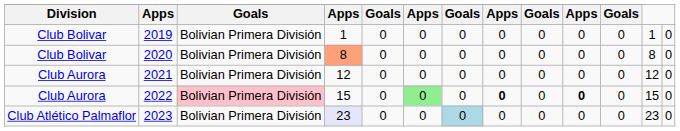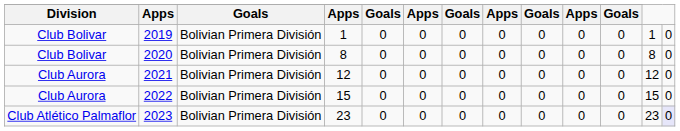 <table class="wikitable" style="text-align:center">
 <tr>
 </tr>
 <tr>
 <th>Division</th>
 <th>Apps</th>
 <th>Goals</th>
 <th>Apps</th>
 <th>Goals</th>
 <th>Apps</th>
 <th>Goals</th>
 <th>Apps</th>
 <th>Goals</th>
 <th>Apps</th>
 <th>Goals</th>
 </tr>
 <tr>
 <td><a href='#'>Club Bolivar</a></td>
 <td><a href='#'>2019</a></td>
 <td>Bolivian Primera División</td>
 <td>1</td>
 <td>0</td>
 <td>0</td>
 <td>0</td>
 <td>0</td>
 <td>0</td>
 <td>0</td>
 <td>0</td>
 <td>1</td>
 <td>0</td>
 </tr>
 <tr>
 <td><a href='#'>Club Bolivar</a></td>
 <td><a href='#'>2020</a></td>
 <td>Bolivian Primera División</td>
-<td style="background: lightsalmon;">8</td>
+<td>8</td>
 <td>0</td>
 <td>0</td>
 <td>0</td>
 <td>0</td>
 <td>0</td>
 <td>0</td>
 <td>0</td>
 <td>8</td>
 <td>0</td>
 </tr>
 <tr>
 <td><a href='#'>Club Aurora</a></td>
 <td><a href='#'>2021</a></td>
 <td>Bolivian Primera División</td>
 <td>12</td>
 <td>0</td>
 <td>0</td>
 <td>0</td>
 <td>0</td>
 <td>0</td>
 <td>0</td>
 <td>0</td>
 <td>12</td>
 <td>0</td>
 </tr>
 <tr>
 <td><a href='#'>Club Aurora</a></td>
 <td><a href='#'>2022</a></td>
-<td style="background: pink;">Bolivian Primera División</td>
+<td>Bolivian Primera División</td>
 <td>15</td>
 <td>0</td>
-<td style="background: lightgreen;">0</td>
 <td>0</td>
-<td><strong>0</strong></td>
 <td>0</td>
-<td><strong>0</strong></td>
+<td>0</td>
+<td>0</td>
+<td>0</td>
 <td>0</td>
 <td>15</td>
 <td>0</td>
 </tr>
 <tr>
 <td><a href='#'>Club Atlético Palmaflor</a></td>
 <td><a href='#'>2023</a></td>
 <td>Bolivian Primera División</td>
-<td style="background: lavender;">23</td>
+<td>23</td>
 <td>0</td>
 <td>0</td>
-<td style="background: lightblue;">0</td>
+<td>0</td>
 <td>0</td>
 <td>0</td>
 <td>0</td>
 <td>0</td>
 <td>23</td>
-<td>0</td>
+<td style="background: lavender;">0</td>
 </tr>
 </table>
